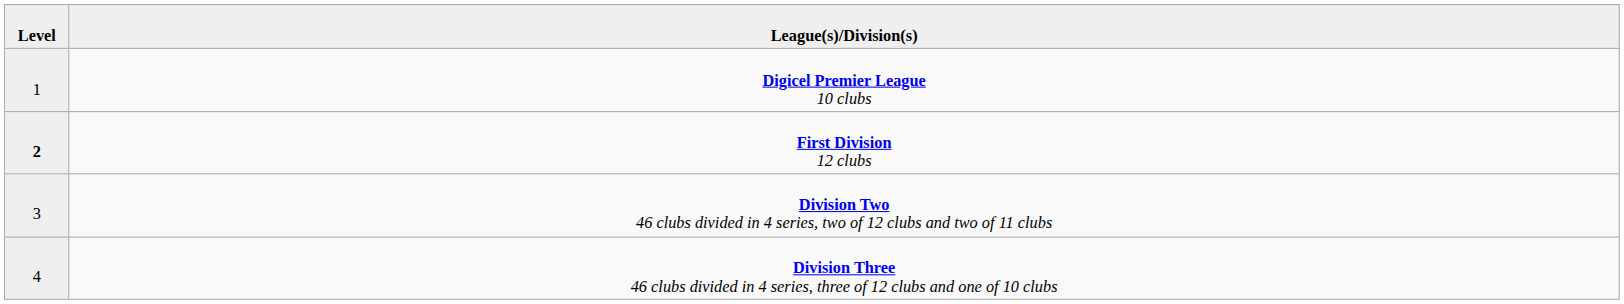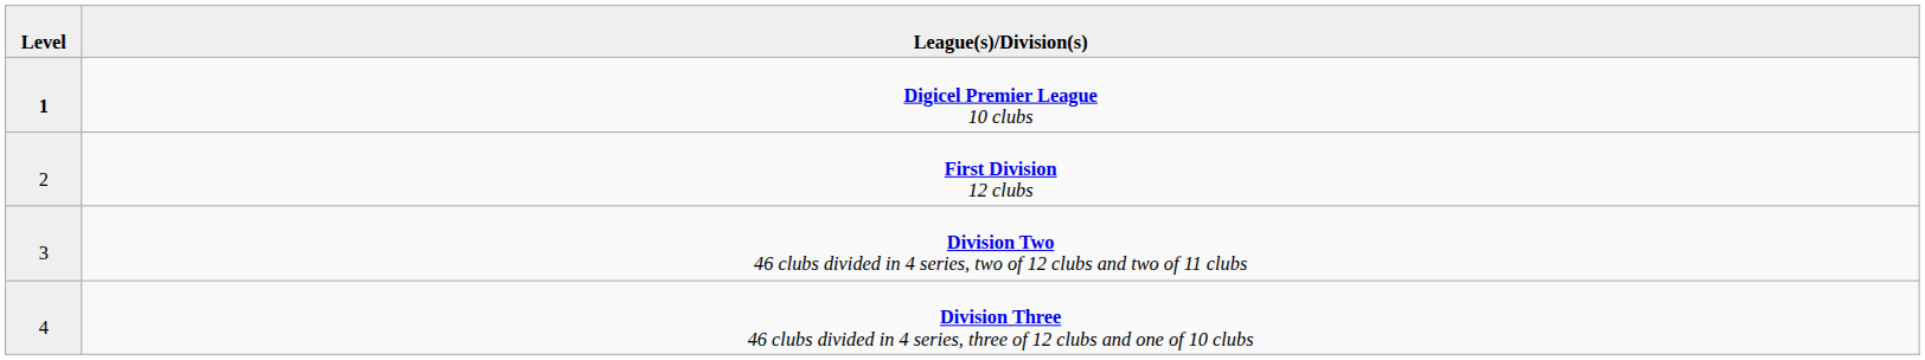 <table class="wikitable" style="text-align:center; width:100%;">
 <tr style="background:#efefef;">
 <td style="width:4%; text-align:center;"><br><strong>Level</strong></td>
 <td colspan="12"  style="width:96%; text-align:center;"><br><strong>League(s)/Division(s)</strong></td>
 </tr>
 <tr>
-<td style="text-align:center; width:4%; background:#efefef;"><br>1</td>
+<td style="text-align:center; width:4%; background:#efefef;"><strong><br>1</strong></td>
 <td colspan="12"  style="width:96%; text-align:center;"><br><strong><a href='#'>Digicel Premier League</a></strong><br> <em>10 clubs</em><br></td>
 </tr>
 <tr>
-<td style="text-align:center; width:4%; background:#efefef;"><strong><br>2</strong></td>
+<td style="text-align:center; width:4%; background:#efefef;"><br>2</td>
 <td colspan="12"  style="width:96%; text-align:center;"><br><strong><a href='#'>First Division</a></strong><br> <em>12 clubs</em><br></td>
 </tr>
 <tr>
 <td style="text-align:center; width:4%; background:#efefef;"><br>3</td>
 <td colspan="12"  style="width:96%; text-align:center;"><br><strong><a href='#'>Division Two</a></strong><br> <em>46 clubs divided in 4 series, two of 12 clubs and two of 11 clubs</em><br></td>
 </tr>
 <tr>
 <td style="text-align:center; width:4%; background:#efefef;"><br>4</td>
 <td colspan="12"  style="width:96%; text-align:center;"><br><strong><a href='#'>Division Three</a></strong><br> <em>46 clubs divided in 4 series, three of 12 clubs and one of 10 clubs</em><br></td>
 </tr>
 </table>
